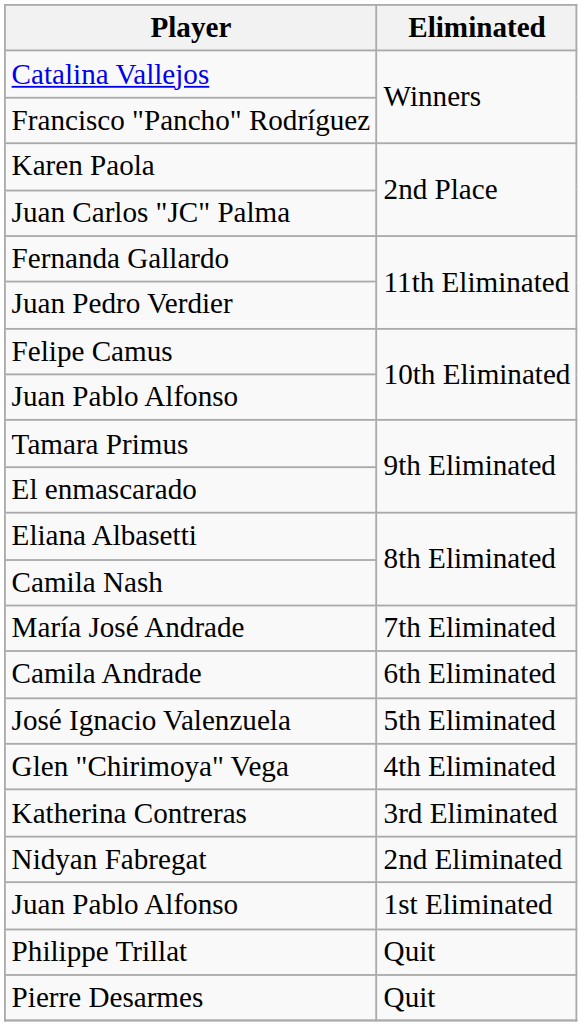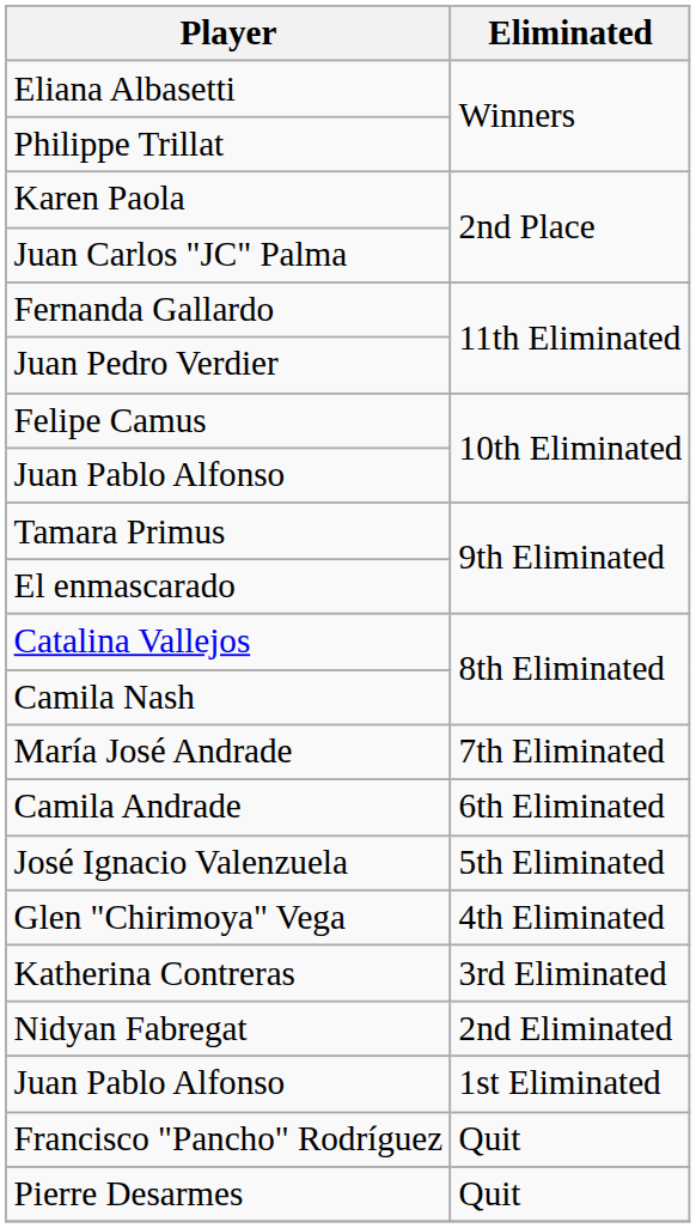 <table class="wikitable">
 <tr>
 <th>Player</th>
 <th>Eliminated</th>
 </tr>
 <tr>
-<td> <a href='#'>Catalina Vallejos</a></td>
+<td>  Eliana Albasetti</td>
 <td rowspan=2>Winners</td>
 </tr>
 <tr>
-<td> Francisco "Pancho" Rodríguez</td>
+<td> Philippe Trillat</td>
 </tr>
 <tr>
 <td>  Karen Paola</td>
 <td rowspan=2>2nd Place</td>
 </tr>
 <tr>
 <td> Juan Carlos "JC" Palma</td>
 </tr>
 <tr>
 <td> Fernanda Gallardo</td>
 <td rowspan=2>11th Eliminated</td>
 </tr>
 <tr>
 <td> Juan Pedro Verdier</td>
 </tr>
 <tr>
 <td> Felipe Camus</td>
 <td rowspan=2>10th Eliminated</td>
 </tr>
 <tr>
 <td> Juan Pablo Alfonso</td>
 </tr>
 <tr>
 <td> Tamara Primus</td>
 <td rowspan=2>9th Eliminated</td>
 </tr>
 <tr>
 <td> El enmascarado</td>
 </tr>
 <tr>
-<td>  Eliana Albasetti</td>
+<td> <a href='#'>Catalina Vallejos</a></td>
 <td rowspan=2>8th Eliminated</td>
 </tr>
 <tr>
 <td> Camila Nash</td>
 </tr>
 <tr>
 <td> María José Andrade</td>
 <td>7th Eliminated</td>
 </tr>
 <tr>
 <td> Camila Andrade</td>
 <td>6th Eliminated</td>
 </tr>
 <tr>
 <td> José Ignacio Valenzuela</td>
 <td>5th Eliminated</td>
 </tr>
 <tr>
 <td> Glen "Chirimoya" Vega</td>
 <td>4th  Eliminated</td>
 </tr>
 <tr>
 <td> Katherina Contreras</td>
 <td>3rd Eliminated</td>
 </tr>
 <tr>
 <td> Nidyan Fabregat</td>
 <td>2nd Eliminated</td>
 </tr>
 <tr>
 <td> Juan Pablo Alfonso</td>
 <td>1st Eliminated </td>
 </tr>
 <tr>
-<td> Philippe Trillat</td>
+<td> Francisco "Pancho" Rodríguez</td>
 <td>Quit</td>
 </tr>
 <tr>
 <td> Pierre Desarmes</td>
 <td>Quit </td>
 </tr>
 <tr>
 </tr>
 </table>
